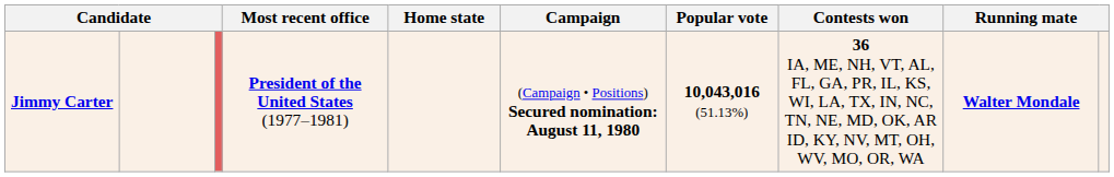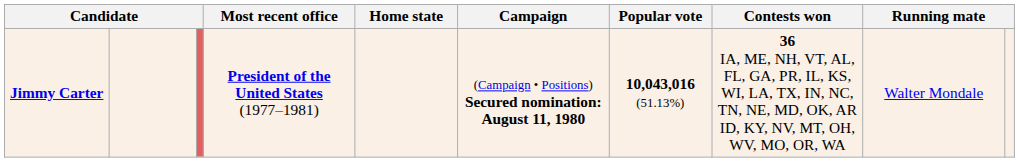 <table class="wikitable sortable" style="text-align:center;">
 <tr>
 <th style="width:200px;" colspan="3">Candidate</th>
 <th style="width:150px;">Most recent office</th>
 <th style="width:100px;">Home state</th>
 <th style="width:150px;">Campaign</th>
 <th style="width:100px;">Popular vote</th>
 <th style="width:150px;">Contests won</th>
 <th style="width:150px;" colspan="2">Running mate</th>
 </tr>
 <tr style="background:linen;">
 <th style="background:linen;" scope="row" data-sort-=""><a href='#'>Jimmy Carter</a></th>
 <td style="min-width:80px;"></td>
 <td style="background:#E35e5e;"></td>
 <td><strong><a href='#'>President of the United States</a></strong><br>(1977–1981)</td>
 <td></td>
 <td data-sort-value="0"><br><small>(<a href='#'>Campaign</a> • <a href='#'>Positions</a>)</small><br><strong>Secured nomination:</strong> <strong>August 11, 1980</strong></td>
 <td data-sort-value="14,015,993"><strong>10,043,016</strong><br><small>(51.13%)</small></td>
 <td data-sort-value="42"><strong>36</strong><br>IA, ME, NH, VT, AL, FL, GA, PR, IL, KS, WI, LA, TX, IN, NC, TN, NE, MD, OK, AR ID, KY, NV, MT, OH, WV, MO, OR, WA</td>
-<td><strong><a href='#'>Walter Mondale</a></strong></td>
+<td><a href='#'>Walter Mondale</a></td>
 <td></td>
 </tr>
 </table>
